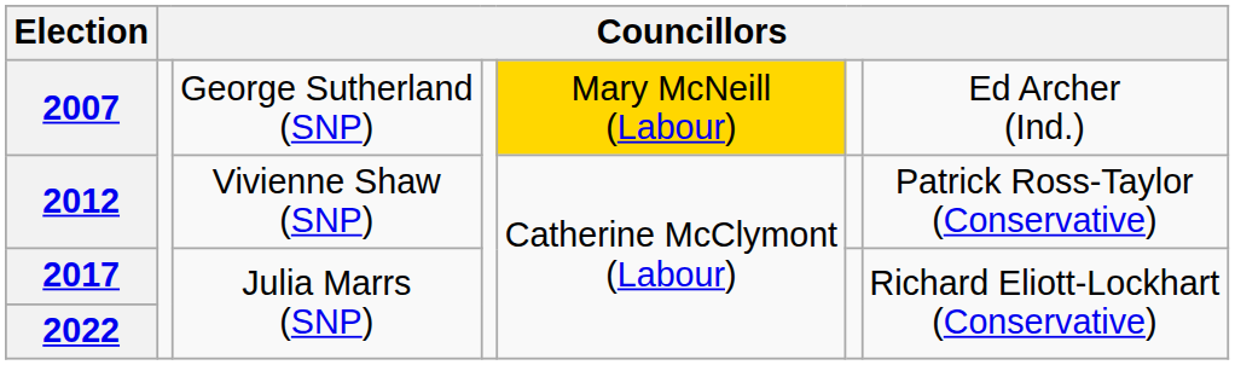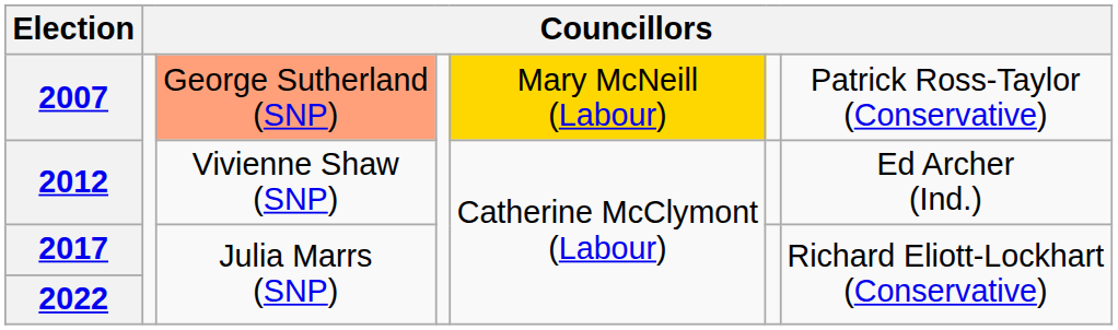 <table class="wikitable" style="text-align:center">
 <tr>
 <th>Election</th>
 <th colspan=8>Councillors</th>
 </tr>
 <tr>
 <th><a href='#'>2007</a></th>
 <td rowspan=4; style="background-color: "></td>
-<td rowspan=1>George Sutherland<br>(<a href='#'>SNP</a>)</td>
+<td rowspan=1 style="background: lightsalmon;">George Sutherland<br>(<a href='#'>SNP</a>)</td>
 <td rowspan=4; style="background-color: "></td>
 <td rowspan=1 style="background: gold;">Mary McNeill<br>(<a href='#'>Labour</a>)</td>
 <td rowspan=1; style="background-color: "></td>
-<td rowspan=1>Ed Archer<br>(Ind.)</td>
+<td rowspan=1>Patrick Ross-Taylor<br>(<a href='#'>Conservative</a>)</td>
 </tr>
 <tr>
 <th><a href='#'>2012</a></th>
 <td rowspan=1>Vivienne Shaw<br>(<a href='#'>SNP</a>)</td>
 <td rowspan=3>Catherine McClymont<br>(<a href='#'>Labour</a>)</td>
 <td rowspan=1; style="background-color: "></td>
-<td rowspan=1>Patrick Ross-Taylor<br>(<a href='#'>Conservative</a>)</td>
+<td rowspan=1>Ed Archer<br>(Ind.)</td>
 </tr>
 <tr>
 <th><a href='#'>2017</a></th>
 <td rowspan=2>Julia Marrs<br>(<a href='#'>SNP</a>)</td>
 <td rowspan=2; style="background-color: "></td>
 <td rowspan=2>Richard Eliott-Lockhart<br>(<a href='#'>Conservative</a>)</td>
 </tr>
 <tr>
 <th><a href='#'>2022</a></th>
 </tr>
 </table>
